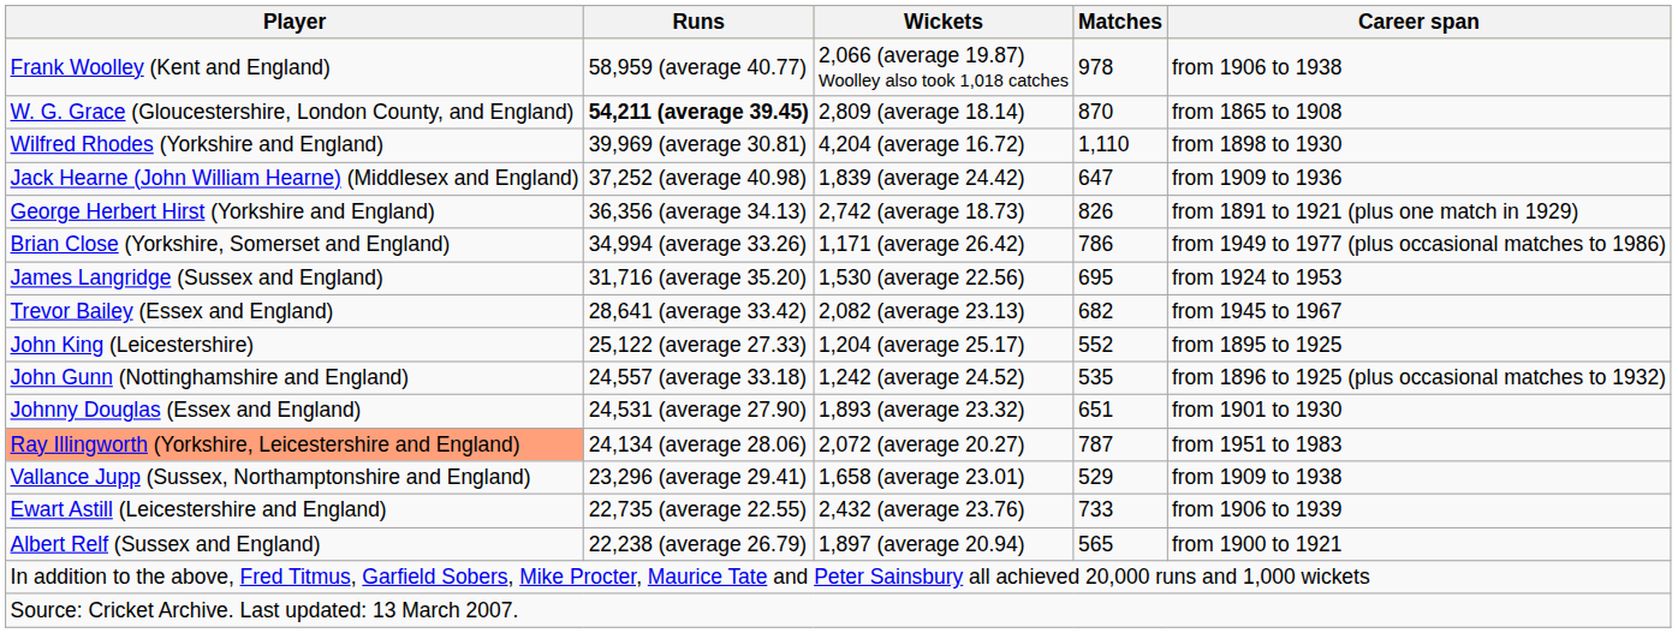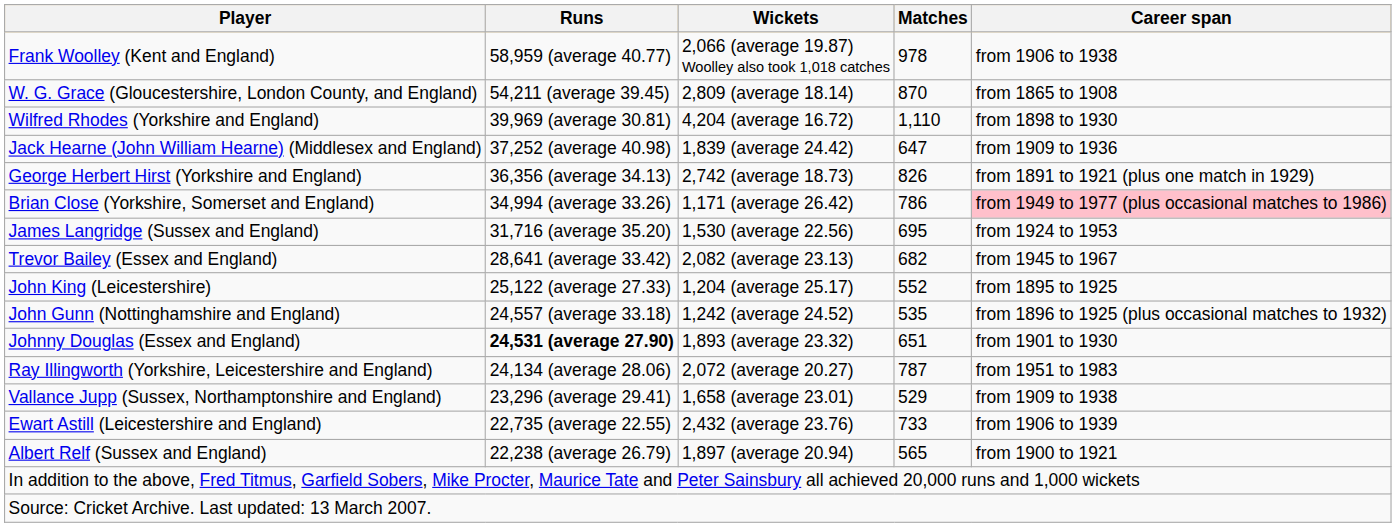 <table class="wikitable">
 <tr style="background:#fc6;">
 <th>Player</th>
 <th>Runs</th>
 <th>Wickets</th>
 <th>Matches</th>
 <th>Career span</th>
 </tr>
 <tr>
 <td><a href='#'>Frank Woolley</a> (Kent and England)</td>
 <td>58,959 (average 40.77)</td>
 <td>2,066 (average 19.87)<br><small>Woolley also took 1,018 catches</small></td>
 <td>978</td>
 <td>from 1906 to 1938</td>
 </tr>
 <tr>
 <td><a href='#'>W. G. Grace</a> (Gloucestershire, London County, and England)</td>
-<td><strong>54,211 (average 39.45)</strong></td>
+<td>54,211 (average 39.45)</td>
 <td>2,809 (average 18.14)</td>
 <td>870</td>
 <td>from 1865 to 1908</td>
 </tr>
 <tr>
 <td><a href='#'>Wilfred Rhodes</a> (Yorkshire and England)</td>
 <td>39,969 (average 30.81)</td>
 <td>4,204 (average 16.72)</td>
 <td>1,110</td>
 <td>from 1898 to 1930</td>
 </tr>
 <tr>
 <td><a href='#'>Jack Hearne (John William Hearne)</a> (Middlesex and England)</td>
 <td>37,252 (average 40.98)</td>
 <td>1,839 (average 24.42)</td>
 <td>647</td>
 <td>from 1909 to 1936</td>
 </tr>
 <tr>
 <td><a href='#'>George Herbert Hirst</a> (Yorkshire and England)</td>
 <td>36,356 (average 34.13)</td>
 <td>2,742 (average 18.73)</td>
 <td>826</td>
 <td>from 1891 to 1921 (plus one match in 1929)</td>
 </tr>
 <tr>
 <td><a href='#'>Brian Close</a> (Yorkshire, Somerset and England)</td>
 <td>34,994 (average 33.26)</td>
 <td>1,171 (average 26.42)</td>
 <td>786</td>
-<td>from 1949 to 1977 (plus occasional matches to 1986)</td>
+<td style="background: pink;">from 1949 to 1977 (plus occasional matches to 1986)</td>
 </tr>
 <tr>
 <td><a href='#'>James Langridge</a> (Sussex and England)</td>
 <td>31,716 (average 35.20)</td>
 <td>1,530 (average 22.56)</td>
 <td>695</td>
 <td>from 1924 to 1953</td>
 </tr>
 <tr>
 <td><a href='#'>Trevor Bailey</a> (Essex and England)</td>
 <td>28,641 (average 33.42)</td>
 <td>2,082 (average 23.13)</td>
 <td>682</td>
 <td>from 1945 to 1967</td>
 </tr>
 <tr>
 <td><a href='#'>John King</a> (Leicestershire)</td>
 <td>25,122 (average 27.33)</td>
 <td>1,204 (average 25.17)</td>
 <td>552</td>
 <td>from 1895 to 1925</td>
 </tr>
 <tr>
 <td><a href='#'>John Gunn</a> (Nottinghamshire and England)</td>
 <td>24,557 (average 33.18)</td>
 <td>1,242 (average 24.52)</td>
 <td>535</td>
 <td>from 1896 to 1925 (plus occasional matches to 1932)</td>
 </tr>
 <tr>
 <td><a href='#'>Johnny Douglas</a> (Essex and England)</td>
-<td>24,531 (average 27.90)</td>
+<td><strong>24,531 (average 27.90)</strong></td>
 <td>1,893 (average 23.32)</td>
 <td>651</td>
 <td>from 1901 to 1930</td>
 </tr>
 <tr>
-<td style="background: lightsalmon;"><a href='#'>Ray Illingworth</a> (Yorkshire, Leicestershire and England)</td>
+<td><a href='#'>Ray Illingworth</a> (Yorkshire, Leicestershire and England)</td>
 <td>24,134 (average 28.06)</td>
 <td>2,072 (average 20.27)</td>
 <td>787</td>
 <td>from 1951 to 1983</td>
 </tr>
 <tr>
 <td><a href='#'>Vallance Jupp</a> (Sussex, Northamptonshire and England)</td>
 <td>23,296 (average 29.41)</td>
 <td>1,658 (average 23.01)</td>
 <td>529</td>
 <td>from 1909 to 1938</td>
 </tr>
 <tr>
 <td><a href='#'>Ewart Astill</a> (Leicestershire and England)</td>
 <td>22,735 (average 22.55)</td>
 <td>2,432 (average 23.76)</td>
 <td>733</td>
 <td>from 1906 to 1939</td>
 </tr>
 <tr>
 <td><a href='#'>Albert Relf</a> (Sussex and England)</td>
 <td>22,238 (average 26.79)</td>
 <td>1,897 (average 20.94)</td>
 <td>565</td>
 <td>from 1900 to 1921</td>
 </tr>
 <tr>
 <td colspan=5>In addition to the above, <a href='#'>Fred Titmus</a>, <a href='#'>Garfield Sobers</a>, <a href='#'>Mike Procter</a>, <a href='#'>Maurice Tate</a> and <a href='#'>Peter Sainsbury</a> all achieved 20,000 runs and 1,000 wickets </td>
 </tr>
 <tr>
 <td colspan="5">Source: Cricket Archive. Last updated: 13 March 2007.</td>
 </tr>
 </table>
